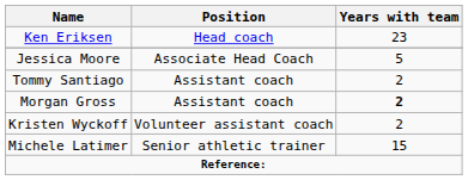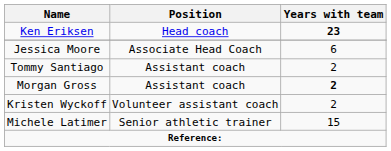 <table class="wikitable sortable" style="text-align:center;">
 <tr>
 <th style="text-align:center;">Name</th>
 <th style="text-align:center;">Position</th>
 <th style="text-align:center;">Years with team</th>
 </tr>
 <tr>
 <td><a href='#'>Ken Eriksen</a></td>
 <td><a href='#'>Head coach</a></td>
-<td align="center">23</td>
+<td align="center"><strong>23</strong></td>
 </tr>
 <tr>
 </tr>
 <tr>
 <td>Jessica Moore</td>
 <td>Associate Head Coach</td>
-<td>5</td>
+<td>6</td>
 </tr>
 <tr>
 <td>Tommy Santiago</td>
 <td>Assistant coach</td>
 <td>2</td>
 </tr>
 <tr>
 <td>Morgan Gross</td>
 <td>Assistant coach</td>
 <td><strong>2</strong></td>
 </tr>
 <tr>
 <td>Kristen Wyckoff</td>
 <td>Volunteer assistant coach</td>
 <td align="center">2</td>
 </tr>
 <tr>
 <td>Michele Latimer</td>
 <td>Senior athletic trainer</td>
 <td align="center">15</td>
 </tr>
 <tr>
 <td colspan="4" style="font-size:8pt; text-align:center;"><strong>Reference:</strong></td>
 </tr>
 </table>
